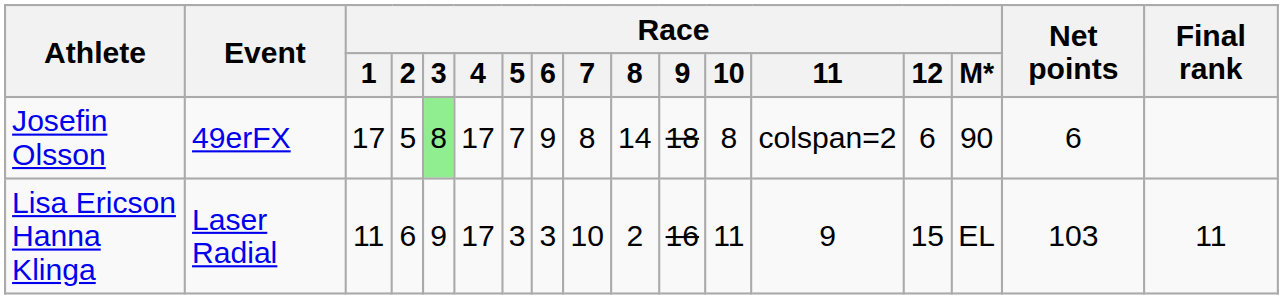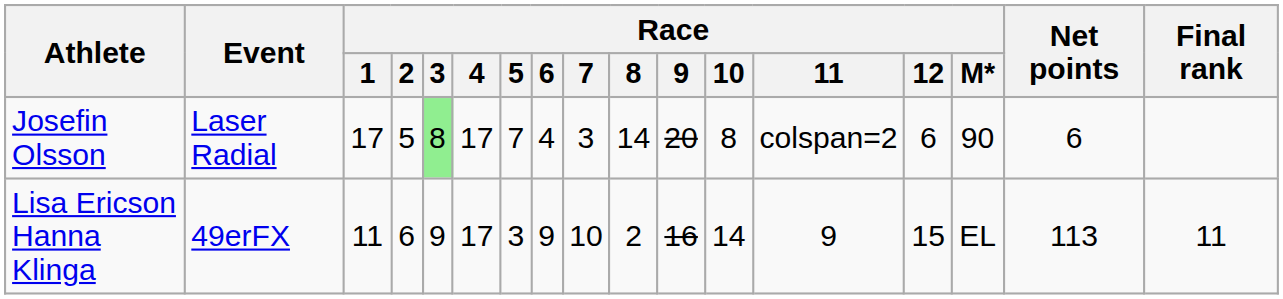 <table class="wikitable" style="font-size:90%">
 <tr>
 <th rowspan="2">Athlete</th>
 <th rowspan="2">Event</th>
 <th colspan=13>Race</th>
 <th rowspan=2>Net points</th>
 <th rowspan=2>Final rank</th>
 </tr>
 <tr style="font-size:95%">
 <th>1</th>
 <th>2</th>
 <th>3</th>
 <th>4</th>
 <th>5</th>
 <th>6</th>
 <th>7</th>
 <th>8</th>
 <th>9</th>
 <th>10</th>
 <th>11</th>
 <th>12</th>
 <th>M*</th>
 </tr>
 <tr align=center>
 <td align=left><a href='#'>Josefin Olsson</a></td>
-<td align=left><a href='#'>49erFX</a></td>
+<td align=left><a href='#'>Laser Radial</a></td>
 <td>17</td>
 <td>5</td>
 <td style="background: lightgreen;">8</td>
 <td>17</td>
 <td>7</td>
-<td>9</td>
-<td>8</td>
+<td>4</td>
+<td>3</td>
 <td>14</td>
-<td><s>18</s></td>
+<td><s>20</s></td>
 <td>8</td>
 <td>colspan=2 </td>
 <td>6</td>
 <td>90</td>
 <td>6</td>
 </tr>
 <tr align=center>
 <td align=left><a href='#'>Lisa Ericson</a><br><a href='#'>Hanna Klinga</a></td>
-<td align=left><a href='#'>Laser Radial</a></td>
+<td align=left><a href='#'>49erFX</a></td>
 <td>11</td>
 <td>6</td>
 <td>9</td>
 <td>17</td>
 <td>3</td>
-<td>3</td>
+<td>9</td>
 <td>10</td>
 <td>2</td>
 <td><s>16</s></td>
-<td>11</td>
+<td>14</td>
 <td>9</td>
 <td>15</td>
 <td>EL</td>
-<td>103</td>
+<td>113</td>
 <td>11</td>
 </tr>
 </table>
